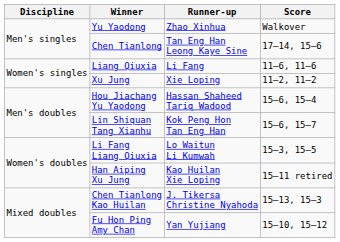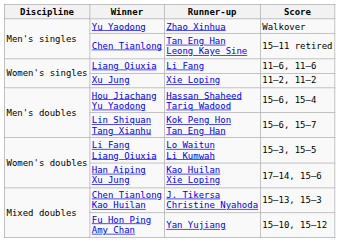 <table class="wikitable">
 <tr>
 <th>Discipline</th>
 <th>Winner</th>
 <th>Runner-up</th>
 <th>Score</th>
 </tr>
 <tr>
 <td rowspan=2>Men's singles</td>
 <td> <a href='#'>Yu Yaodong</a></td>
 <td> <a href='#'>Zhao Xinhua</a></td>
 <td>Walkover</td>
 </tr>
 <tr>
 <td> <a href='#'>Chen Tianlong</a></td>
 <td> <a href='#'>Tan Eng Han</a><br>  <a href='#'>Leong Kaye Sine</a></td>
-<td>17–14, 15–6</td>
+<td>15–11 retired</td>
 </tr>
 <tr>
 <td rowspan=2>Women's singles</td>
 <td> <a href='#'>Liang Qiuxia</a></td>
 <td> <a href='#'>Li Fang</a></td>
 <td>11–6, 11–6</td>
 </tr>
 <tr>
 <td> <a href='#'>Xu Jung</a></td>
 <td> <a href='#'>Xie Loping</a></td>
 <td>11–2, 11–2</td>
 </tr>
 <tr>
 <td rowspan=2>Men's doubles</td>
 <td> <a href='#'>Hou Jiachang</a><br>  <a href='#'>Yu Yaodong</a></td>
 <td> <a href='#'>Hassan Shaheed</a><br> <a href='#'>Tariq Wadood</a></td>
 <td>15–6, 15–4</td>
 </tr>
 <tr>
 <td> <a href='#'>Lin Shiquan</a><br>  <a href='#'>Tang Xianhu</a></td>
 <td> <a href='#'>Kok Peng Hon</a><br>  <a href='#'>Tan Eng Han</a></td>
 <td>15–6, 15–7</td>
 </tr>
 <tr>
 <td rowspan=2>Women's doubles</td>
 <td> <a href='#'>Li Fang</a><br>  <a href='#'>Liang Qiuxia</a></td>
 <td> <a href='#'>Lo Waitun</a><br>  <a href='#'>Li Kumwah</a></td>
 <td>15–3, 15–5</td>
 </tr>
 <tr>
 <td> <a href='#'>Han Aiping</a><br>  <a href='#'>Xu Jung</a></td>
 <td> <a href='#'>Kao Huilan</a><br>  <a href='#'>Xie Loping</a></td>
-<td>15–11 retired</td>
+<td>17–14, 15–6</td>
 </tr>
 <tr>
 <td rowspan=2>Mixed doubles</td>
 <td> <a href='#'>Chen Tianlong</a><br>  <a href='#'>Kao Huilan</a></td>
 <td> <a href='#'>J. Tikersa</a><br>  <a href='#'>Christine Nyahoda</a></td>
 <td>15–13, 15–3</td>
 </tr>
 <tr>
 <td> <a href='#'>Fu Hon Ping</a><br>  <a href='#'>Amy Chan</a></td>
 <td> <a href='#'>Yan Yujiang</a></td>
 <td>15–10, 15–12</td>
 </tr>
 </table>
